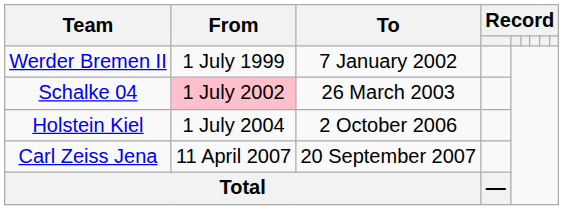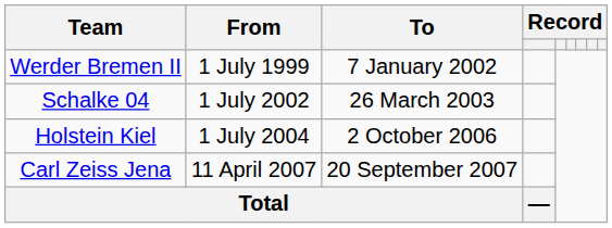 <table class="wikitable" style="text-align: center">
 <tr>
 <th rowspan="2">Team</th>
 <th rowspan="2">From</th>
 <th rowspan="2">To</th>
 <th colspan="6">Record</th>
 </tr>
 <tr>
 <th></th>
 <th></th>
 <th></th>
 <th></th>
 <th></th>
 <th></th>
 </tr>
 <tr>
 <td><a href='#'>Werder Bremen II</a></td>
 <td>1 July 1999</td>
 <td>7 January 2002<br></td>
 <td></td>
 </tr>
 <tr>
 <td><a href='#'>Schalke 04</a></td>
-<td style="background: pink;">1 July 2002</td>
+<td>1 July 2002</td>
 <td>26 March 2003<br></td>
 <td></td>
 </tr>
 <tr>
 <td><a href='#'>Holstein Kiel</a></td>
 <td>1 July 2004</td>
 <td>2 October 2006<br></td>
 <td></td>
 </tr>
 <tr>
 <td><a href='#'>Carl Zeiss Jena</a></td>
 <td>11 April 2007</td>
 <td>20 September 2007<br></td>
 <td></td>
 </tr>
 <tr>
 <th colspan="3">Total<br></th>
 <th>—</th>
 </tr>
 </table>
